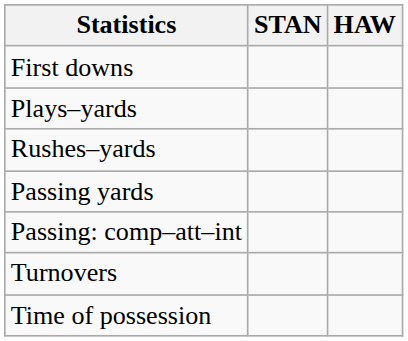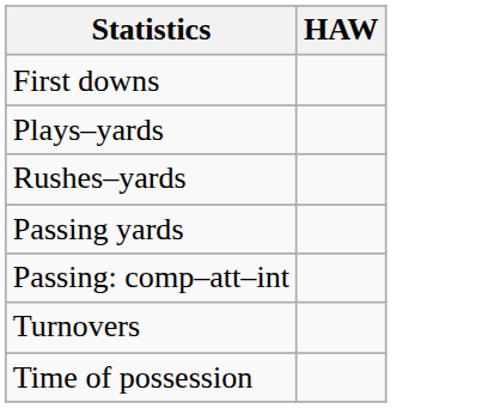 <table class="wikitable" style="float:left">
 <tr>
 <th>Statistics</th>
-<th>STAN</th>
 <th>HAW</th>
 </tr>
 <tr>
 <td>First downs</td>
 <td></td>
-<td></td>
 </tr>
 <tr>
 <td>Plays–yards</td>
-<td></td>
 <td></td>
 </tr>
 <tr>
 <td>Rushes–yards</td>
 <td></td>
-<td></td>
 </tr>
 <tr>
 <td>Passing yards</td>
-<td></td>
 <td></td>
 </tr>
 <tr>
 <td>Passing: comp–att–int</td>
 <td></td>
-<td></td>
 </tr>
 <tr>
 <td>Turnovers</td>
-<td></td>
 <td></td>
 </tr>
 <tr>
 <td>Time of possession</td>
 <td></td>
-<td></td>
 </tr>
 </table>
